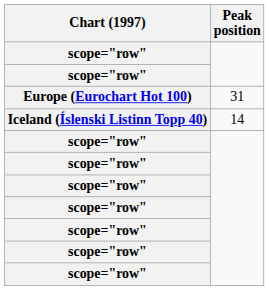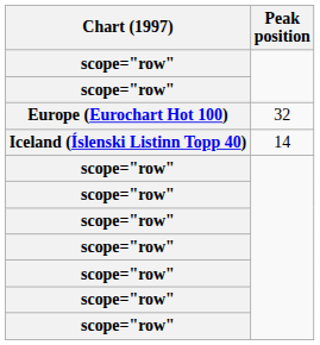 <table class="wikitable sortable plainrowheaders" style="text-align:center">
 <tr>
 <th>Chart (1997)</th>
 <th>Peak<br>position</th>
 </tr>
 <tr>
 <th>scope="row" </th>
 </tr>
 <tr>
 <th>scope="row" </th>
 </tr>
 <tr>
 <th scope="row">Europe (<a href='#'>Eurochart Hot 100</a>)</th>
-<td>31</td>
+<td>32</td>
 </tr>
 <tr>
 <th scope="row">Iceland (<a href='#'>Íslenski Listinn Topp 40</a>)</th>
 <td>14</td>
 </tr>
 <tr>
 <th>scope="row" </th>
 </tr>
 <tr>
 <th>scope="row" </th>
 </tr>
 <tr>
 <th>scope="row" </th>
 </tr>
 <tr>
 <th>scope="row" </th>
 </tr>
 <tr>
 <th>scope="row" </th>
 </tr>
 <tr>
 <th>scope="row" </th>
 </tr>
 <tr>
 <th>scope="row" </th>
 </tr>
 </table>
